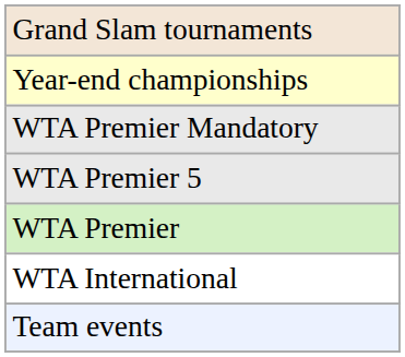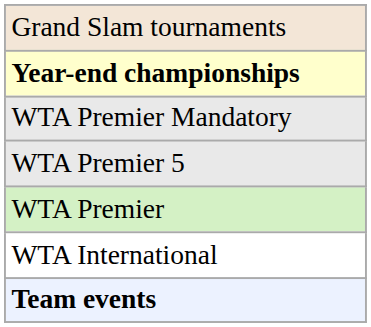 <table class=wikitable style=font-size:90%;width:15%>
 <tr style="background:#F3E6D7;">
 <td>Grand Slam tournaments</td>
 </tr>
 <tr style="background:#ffc;">
-<td>Year-end championships</td>
+<td><strong>Year-end championships</strong></td>
 </tr>
 <tr style="background:#e9e9e9;">
 <td>WTA Premier Mandatory</td>
 </tr>
 <tr style="background:#E9E9E9;">
 <td>WTA Premier 5</td>
 </tr>
 <tr style="background:#D4F1C5;">
 <td>WTA Premier</td>
 </tr>
 <tr style="background:#fff;">
 <td>WTA International</td>
 </tr>
 <tr style="background:#ECF2FF;">
-<td>Team events</td>
+<td><strong>Team events</strong></td>
 </tr>
 </table>
